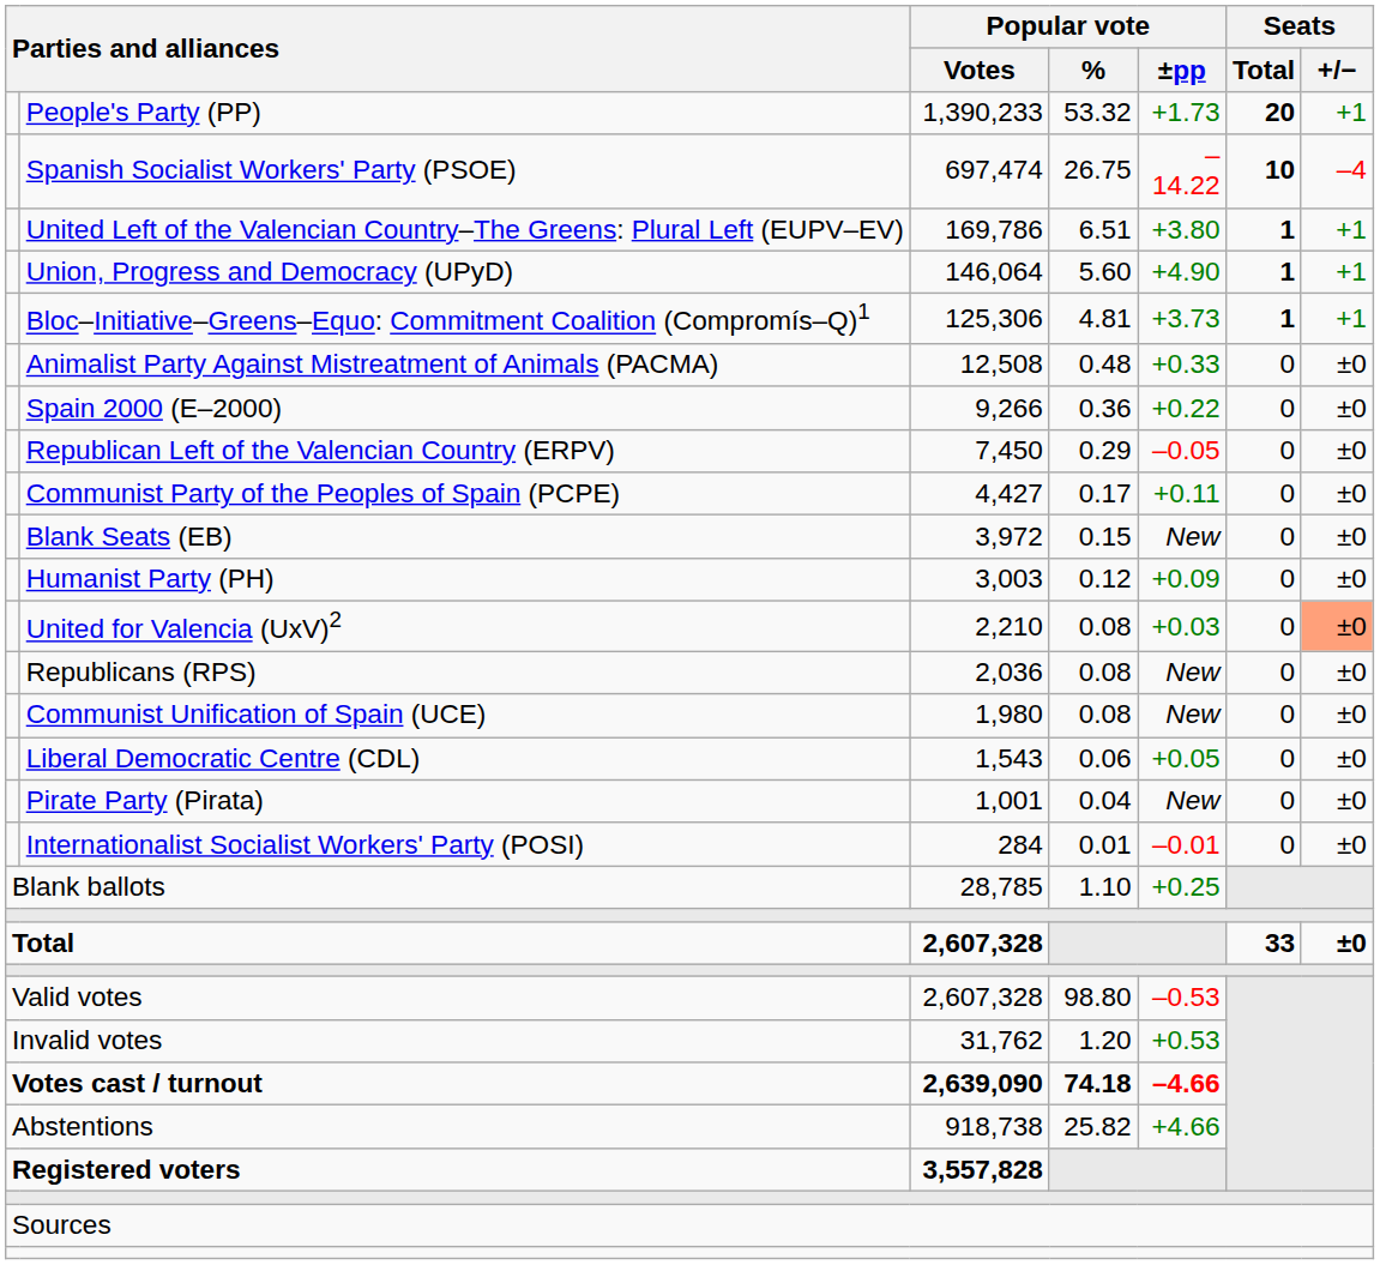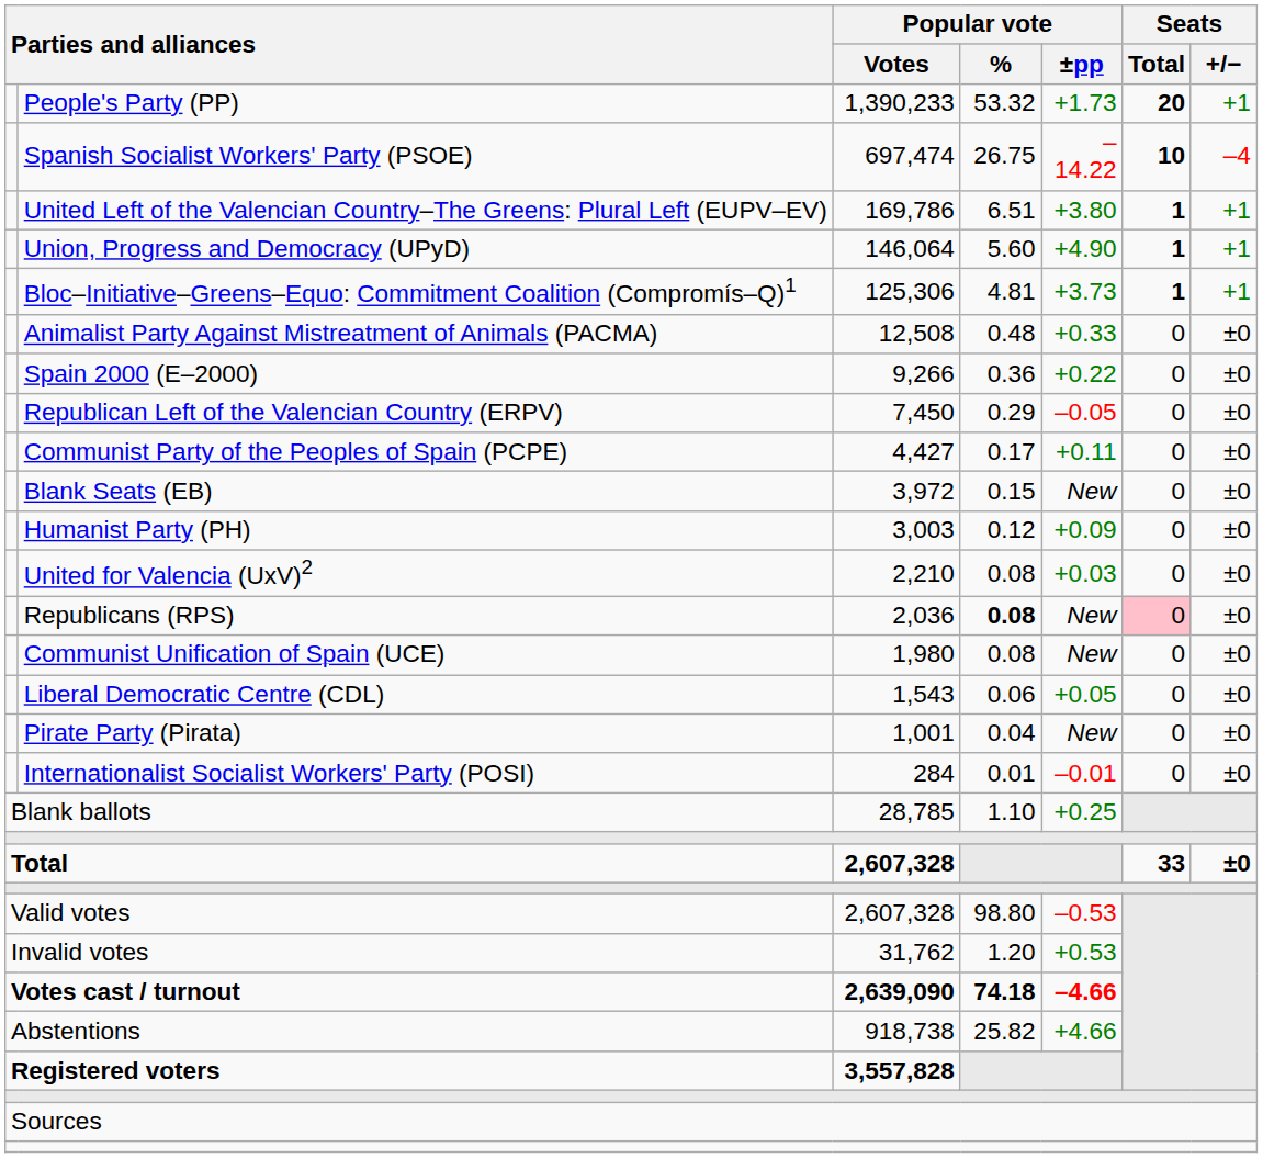 <table class="wikitable" style="text-align:right;">
 <tr>
 <th style="text-align:left;" rowspan="2" colspan="2" width="525">Parties and alliances</th>
 <th colspan="3">Popular vote</th>
 <th colspan="2">Seats</th>
 </tr>
 <tr>
 <th width="75">Votes</th>
 <th width="45">%</th>
 <th width="45">±<a href='#'>pp</a></th>
 <th width="35">Total</th>
 <th width="35">+/−</th>
 </tr>
 <tr>
 <td width="1" style="color:inherit;background:"></td>
 <td align="left"><a href='#'>People's Party</a> (PP)</td>
 <td>1,390,233</td>
 <td>53.32</td>
 <td style="color:green;">+1.73</td>
 <td><strong>20</strong></td>
 <td style="color:green;">+1</td>
 </tr>
 <tr>
 <td style="color:inherit;background:"></td>
 <td align="left"><a href='#'>Spanish Socialist Workers' Party</a> (PSOE)</td>
 <td>697,474</td>
 <td>26.75</td>
 <td style="color:red;">–14.22</td>
 <td><strong>10</strong></td>
 <td style="color:red;">–4</td>
 </tr>
 <tr>
 <td style="color:inherit;background:"></td>
 <td align="left"><a href='#'>United Left of the Valencian Country</a>–<a href='#'>The Greens</a>: <a href='#'>Plural Left</a> (EUPV–EV)</td>
 <td>169,786</td>
 <td>6.51</td>
 <td style="color:green;">+3.80</td>
 <td><strong>1</strong></td>
 <td style="color:green;">+1</td>
 </tr>
 <tr>
 <td style="color:inherit;background:"></td>
 <td align="left"><a href='#'>Union, Progress and Democracy</a> (UPyD)</td>
 <td>146,064</td>
 <td>5.60</td>
 <td style="color:green;">+4.90</td>
 <td><strong>1</strong></td>
 <td style="color:green;">+1</td>
 </tr>
 <tr>
 <td style="color:inherit;background:"></td>
 <td align="left"><a href='#'>Bloc</a>–<a href='#'>Initiative</a>–<a href='#'>Greens</a>–<a href='#'>Equo</a>: <a href='#'>Commitment Coalition</a> (Compromís–Q)<sup>1</sup></td>
 <td>125,306</td>
 <td>4.81</td>
 <td style="color:green;">+3.73</td>
 <td><strong>1</strong></td>
 <td style="color:green;">+1</td>
 </tr>
 <tr>
 <td style="color:inherit;background:"></td>
 <td align="left"><a href='#'>Animalist Party Against Mistreatment of Animals</a> (PACMA)</td>
 <td>12,508</td>
 <td>0.48</td>
 <td style="color:green;">+0.33</td>
 <td>0</td>
 <td>±0</td>
 </tr>
 <tr>
 <td style="color:inherit;background:"></td>
 <td align="left"><a href='#'>Spain 2000</a> (E–2000)</td>
 <td>9,266</td>
 <td>0.36</td>
 <td style="color:green;">+0.22</td>
 <td>0</td>
 <td>±0</td>
 </tr>
 <tr>
 <td style="color:inherit;background:"></td>
 <td align="left"><a href='#'>Republican Left of the Valencian Country</a> (ERPV)</td>
 <td>7,450</td>
 <td>0.29</td>
 <td style="color:red;">–0.05</td>
 <td>0</td>
 <td>±0</td>
 </tr>
 <tr>
 <td style="color:inherit;background:"></td>
 <td align="left"><a href='#'>Communist Party of the Peoples of Spain</a> (PCPE)</td>
 <td>4,427</td>
 <td>0.17</td>
 <td style="color:green;">+0.11</td>
 <td>0</td>
 <td>±0</td>
 </tr>
 <tr>
 <td style="color:inherit;background:"></td>
 <td align="left"><a href='#'>Blank Seats</a> (EB)</td>
 <td>3,972</td>
 <td>0.15</td>
 <td><em>New</em></td>
 <td>0</td>
 <td>±0</td>
 </tr>
 <tr>
 <td style="color:inherit;background:"></td>
 <td align="left"><a href='#'>Humanist Party</a> (PH)</td>
 <td>3,003</td>
 <td>0.12</td>
 <td style="color:green;">+0.09</td>
 <td>0</td>
 <td>±0</td>
 </tr>
 <tr>
 <td style="color:inherit;background:"></td>
 <td align="left"><a href='#'>United for Valencia</a> (UxV)<sup>2</sup></td>
 <td>2,210</td>
 <td>0.08</td>
 <td style="color:green;">+0.03</td>
 <td>0</td>
-<td style="background: lightsalmon;">±0</td>
+<td>±0</td>
 </tr>
 <tr>
 <td style="color:inherit;background:"></td>
 <td align="left">Republicans (RPS)</td>
 <td>2,036</td>
-<td>0.08</td>
+<td><strong>0.08</strong></td>
 <td><em>New</em></td>
-<td>0</td>
+<td style="background: pink;">0</td>
 <td>±0</td>
 </tr>
 <tr>
 <td style="color:inherit;background:"></td>
 <td align="left"><a href='#'>Communist Unification of Spain</a> (UCE)</td>
 <td>1,980</td>
 <td>0.08</td>
 <td><em>New</em></td>
 <td>0</td>
 <td>±0</td>
 </tr>
 <tr>
 <td style="color:inherit;background:"></td>
 <td align="left"><a href='#'>Liberal Democratic Centre</a> (CDL)</td>
 <td>1,543</td>
 <td>0.06</td>
 <td style="color:green;">+0.05</td>
 <td>0</td>
 <td>±0</td>
 </tr>
 <tr>
 <td style="color:inherit;background:"></td>
 <td align="left"><a href='#'>Pirate Party</a> (Pirata)</td>
 <td>1,001</td>
 <td>0.04</td>
 <td><em>New</em></td>
 <td>0</td>
 <td>±0</td>
 </tr>
 <tr>
 <td style="color:inherit;background:"></td>
 <td align="left"><a href='#'>Internationalist Socialist Workers' Party</a> (POSI)</td>
 <td>284</td>
 <td>0.01</td>
 <td style="color:red;">–0.01</td>
 <td>0</td>
 <td>±0</td>
 </tr>
 <tr>
 <td align="left" colspan="2">Blank ballots</td>
 <td>28,785</td>
 <td>1.10</td>
 <td style="color:green;">+0.25</td>
 <td bgcolor="#E9E9E9" colspan="2"></td>
 </tr>
 <tr>
 <td colspan="7" bgcolor="#E9E9E9"></td>
 </tr>
 <tr style="font-weight:bold;">
 <td align="left" colspan="2">Total</td>
 <td>2,607,328</td>
 <td bgcolor="#E9E9E9" colspan="2"></td>
 <td>33</td>
 <td>±0</td>
 </tr>
 <tr>
 <td colspan="7" bgcolor="#E9E9E9"></td>
 </tr>
 <tr>
 <td align="left" colspan="2">Valid votes</td>
 <td>2,607,328</td>
 <td>98.80</td>
 <td style="color:red;">–0.53</td>
 <td bgcolor="#E9E9E9" colspan="2" rowspan="5"></td>
 </tr>
 <tr>
 <td align="left" colspan="2">Invalid votes</td>
 <td>31,762</td>
 <td>1.20</td>
 <td style="color:green;">+0.53</td>
 </tr>
 <tr style="font-weight:bold;">
 <td align="left" colspan="2">Votes cast / turnout</td>
 <td>2,639,090</td>
 <td>74.18</td>
 <td style="color:red;">–4.66</td>
 </tr>
 <tr>
 <td align="left" colspan="2">Abstentions</td>
 <td>918,738</td>
 <td>25.82</td>
 <td style="color:green;">+4.66</td>
 </tr>
 <tr style="font-weight:bold;">
 <td align="left" colspan="2">Registered voters</td>
 <td>3,557,828</td>
 <td bgcolor="#E9E9E9" colspan="2"></td>
 </tr>
 <tr>
 <td colspan="7" bgcolor="#E9E9E9"></td>
 </tr>
 <tr>
 <td align="left" colspan="7">Sources</td>
 </tr>
 <tr>
 <td colspan="7" style="text-align:left; max-width:790px;"></td>
 </tr>
 </table>
